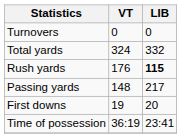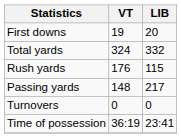 <table class="wikitable" style="float: left;">
 <tr>
 <th>Statistics</th>
 <th>VT</th>
 <th>LIB</th>
 </tr>
 <tr>
-<td>Turnovers</td>
-<td>0</td>
-<td>0</td>
+<td>First downs</td>
+<td>19</td>
+<td>20</td>
 </tr>
 <tr>
 <td>Total yards</td>
 <td>324</td>
 <td>332</td>
 </tr>
 <tr>
 <td>Rush yards</td>
 <td>176</td>
-<td><strong>115</strong></td>
+<td>115</td>
 </tr>
 <tr>
 <td>Passing yards</td>
 <td>148</td>
 <td>217</td>
 </tr>
 <tr>
-<td>First downs</td>
-<td>19</td>
-<td>20</td>
+<td>Turnovers</td>
+<td>0</td>
+<td>0</td>
 </tr>
 <tr>
 <td>Time of possession</td>
 <td>36:19</td>
 <td>23:41</td>
 </tr>
 <tr>
 </tr>
 </table>
